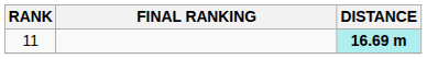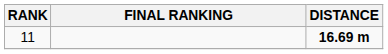 <table class="wikitable" style="border-collapse: collapse; font-size: 90%;">
 <tr>
 <th>RANK</th>
 <th align="center" style="width: 18em">FINAL RANKING</th>
 <th>DISTANCE</th>
 </tr>
 <tr>
 <td align="center">11</td>
 <td></td>
-<td align="center" style="background: paleturquoise;"><strong>16.69 m</strong></td>
+<td align="center"><strong>16.69 m</strong></td>
 </tr>
 <tr>
 </tr>
 </table>
